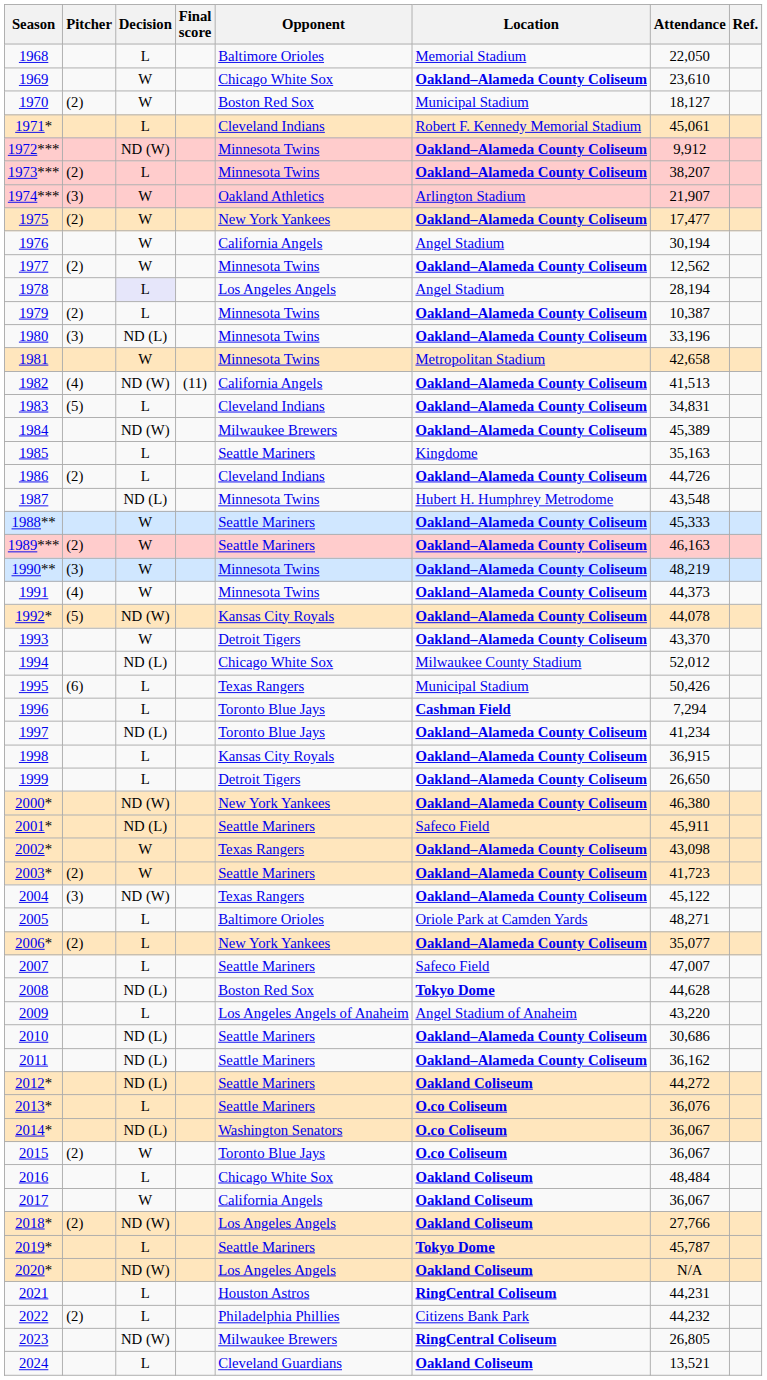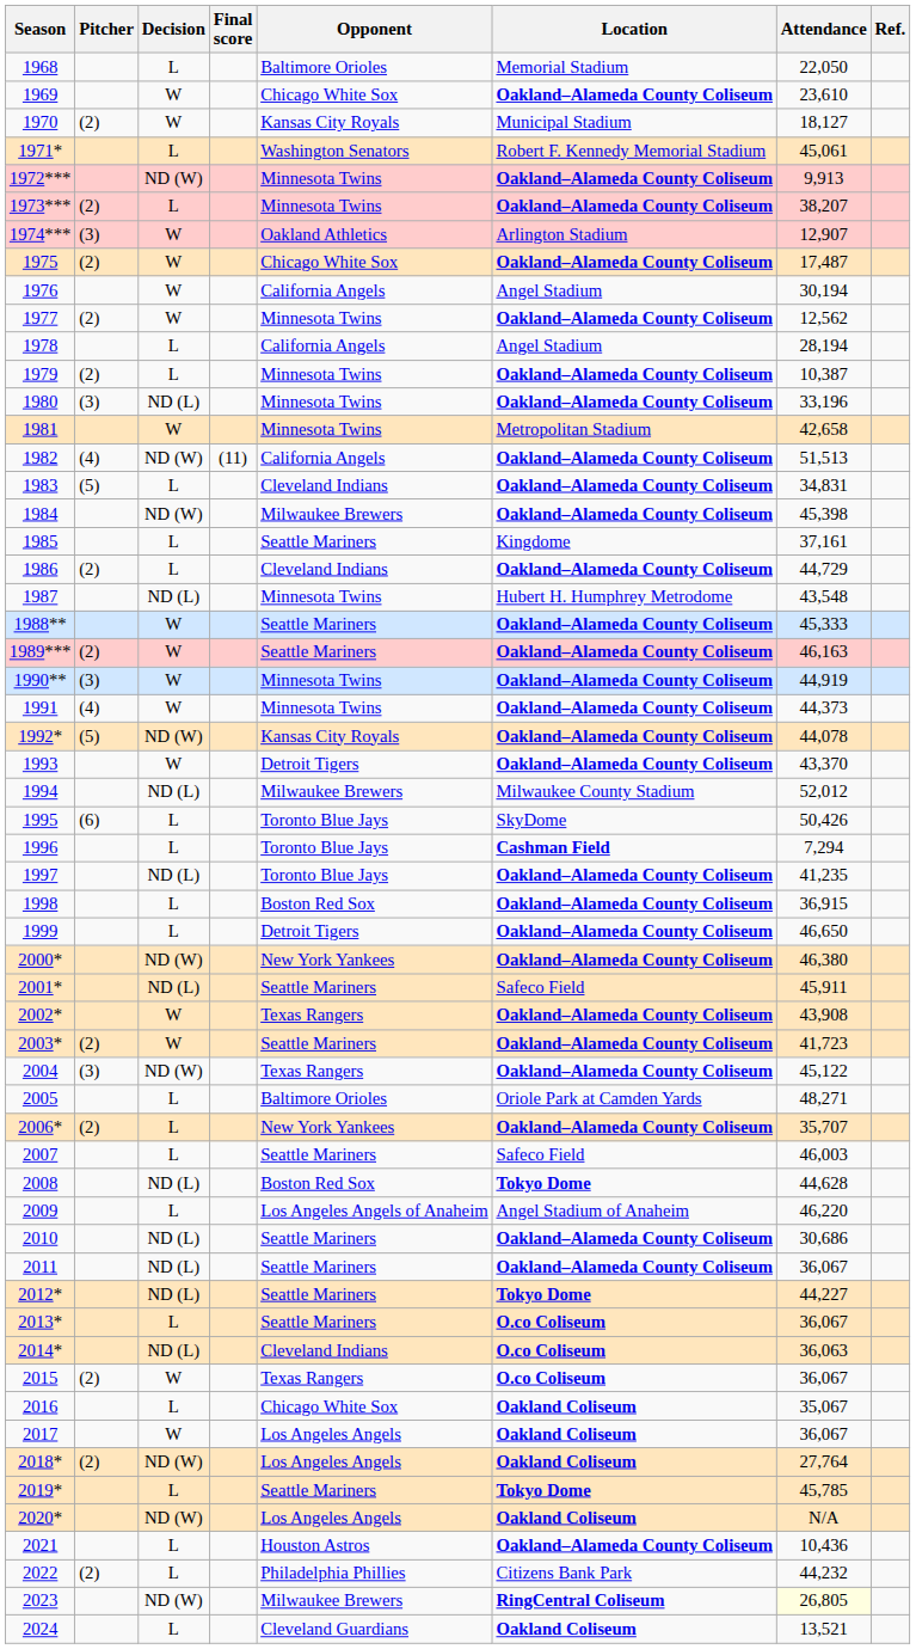 <table class="wikitable sortable">
 <tr>
 <th scope="col">Season</th>
 <th scope="col">Pitcher</th>
 <th scope="col">Decision</th>
 <th scope="col">Final<br>score</th>
 <th scope="col">Opponent</th>
 <th scope="col">Location</th>
 <th scope="col">Attendance</th>
 <th class="unsortable">Ref.</th>
 </tr>
 <tr>
 <td align=center><a href='#'>1968</a></td>
 <td></td>
 <td align=center>L</td>
 <td align=center></td>
 <td><a href='#'>Baltimore Orioles</a></td>
 <td><a href='#'>Memorial Stadium</a></td>
 <td align=center>22,050</td>
 <td align="center"></td>
 </tr>
 <tr>
 <td align=center><a href='#'>1969</a></td>
 <td></td>
 <td align=center>W</td>
 <td align=center></td>
 <td><a href='#'>Chicago White Sox</a></td>
 <td><strong><a href='#'>Oakland–Alameda County Coliseum</a></strong></td>
 <td align=center>23,610</td>
 <td align="center"></td>
 </tr>
 <tr>
 <td align=center><a href='#'>1970</a></td>
 <td> (2)</td>
 <td align=center>W</td>
 <td align=center></td>
-<td><a href='#'>Boston Red Sox</a></td>
+<td><a href='#'>Kansas City Royals</a></td>
 <td><a href='#'>Municipal Stadium</a></td>
 <td align=center>18,127</td>
 <td align="center"></td>
 </tr>
 <tr>
 <td style="background-color: #FFE6BD" align=center><a href='#'>1971</a>*</td>
 <td style="background-color: #FFE6BD"></td>
 <td style="background-color: #FFE6BD" align=center>L</td>
 <td style="background-color: #FFE6BD" align=center></td>
-<td style="background-color: #FFE6BD"><a href='#'>Cleveland Indians</a></td>
+<td style="background-color: #FFE6BD"><a href='#'>Washington Senators</a></td>
 <td style="background-color: #FFE6BD"><a href='#'>Robert F. Kennedy Memorial Stadium</a></td>
 <td style="background-color: #FFE6BD" align=center>45,061</td>
 <td style="background-color: #FFE6BD" align="center"></td>
 </tr>
 <tr>
 <td style="background-color: #FFCCCC" align=center><a href='#'>1972</a>***</td>
 <td style="background-color: #FFCCCC"></td>
 <td style="background-color: #FFCCCC" align=center>ND (W)</td>
 <td style="background-color: #FFCCCC" align=center></td>
 <td style="background-color: #FFCCCC"><a href='#'>Minnesota Twins</a></td>
 <td style="background-color: #FFCCCC"><strong><a href='#'>Oakland–Alameda County Coliseum</a></strong></td>
-<td style="background-color: #FFCCCC" align=center>9,912</td>
+<td style="background-color: #FFCCCC" align=center>9,913</td>
 <td style="background-color: #FFCCCC" align="center"></td>
 </tr>
 <tr>
 <td style="background-color: #FFCCCC" align=center><a href='#'>1973</a>***</td>
 <td style="background-color: #FFCCCC"> (2)</td>
 <td style="background-color: #FFCCCC" align=center>L</td>
 <td style="background-color: #FFCCCC" align=center></td>
 <td style="background-color: #FFCCCC"><a href='#'>Minnesota Twins</a></td>
 <td style="background-color: #FFCCCC"><strong><a href='#'>Oakland–Alameda County Coliseum</a></strong></td>
 <td style="background-color: #FFCCCC" align=center>38,207</td>
 <td style="background-color: #FFCCCC" align="center"></td>
 </tr>
 <tr>
 <td style="background-color: #FFCCCC" align=center><a href='#'>1974</a>***</td>
 <td style="background-color: #FFCCCC"> (3)</td>
 <td style="background-color: #FFCCCC" align=center>W</td>
 <td style="background-color: #FFCCCC" align=center></td>
 <td style="background-color: #FFCCCC"><a href='#'>Oakland Athletics</a></td>
 <td style="background-color: #FFCCCC"><a href='#'>Arlington Stadium</a></td>
-<td style="background-color: #FFCCCC" align=center>21,907</td>
+<td style="background-color: #FFCCCC" align=center>12,907</td>
 <td style="background-color: #FFCCCC" align="center"></td>
 </tr>
 <tr>
 <td style="background-color: #FFE6BD" align=center><a href='#'>1975</a></td>
 <td style="background-color: #FFE6BD"> (2)</td>
 <td style="background-color: #FFE6BD" align=center>W</td>
 <td style="background-color: #FFE6BD" align=center></td>
-<td style="background-color: #FFE6BD"><a href='#'>New York Yankees</a></td>
+<td style="background-color: #FFE6BD"><a href='#'>Chicago White Sox</a></td>
 <td style="background-color: #FFE6BD"><strong><a href='#'>Oakland–Alameda County Coliseum</a></strong></td>
-<td style="background-color: #FFE6BD" align=center>17,477</td>
+<td style="background-color: #FFE6BD" align=center>17,487</td>
 <td style="background-color: #FFE6BD" align="center"></td>
 </tr>
 <tr>
 <td align=center><a href='#'>1976</a></td>
 <td></td>
 <td align=center>W</td>
 <td align=center></td>
 <td><a href='#'>California Angels</a></td>
 <td><a href='#'>Angel Stadium</a></td>
 <td align=center>30,194</td>
 <td align="center"></td>
 </tr>
 <tr>
 <td align=center><a href='#'>1977</a></td>
 <td> (2)</td>
 <td align=center>W</td>
 <td align=center></td>
 <td><a href='#'>Minnesota Twins</a></td>
 <td><strong><a href='#'>Oakland–Alameda County Coliseum</a></strong></td>
 <td align=center>12,562</td>
 <td align="center"></td>
 </tr>
 <tr>
 <td align=center><a href='#'>1978</a></td>
 <td></td>
-<td align=center style="background: lavender;">L</td>
+<td align=center>L</td>
 <td align=center></td>
-<td><a href='#'>Los Angeles Angels</a></td>
+<td><a href='#'>California Angels</a></td>
 <td><a href='#'>Angel Stadium</a></td>
 <td align=center>28,194</td>
 <td align="center"></td>
 </tr>
 <tr>
 <td align=center><a href='#'>1979</a></td>
 <td> (2)</td>
 <td align=center>L</td>
 <td align=center></td>
 <td><a href='#'>Minnesota Twins</a></td>
 <td><strong><a href='#'>Oakland–Alameda County Coliseum</a></strong></td>
 <td align=center>10,387</td>
 <td align="center"></td>
 </tr>
 <tr>
 <td align=center><a href='#'>1980</a></td>
 <td> (3)</td>
 <td align=center>ND (L)</td>
 <td align=center></td>
 <td><a href='#'>Minnesota Twins</a></td>
 <td><strong><a href='#'>Oakland–Alameda County Coliseum</a></strong></td>
 <td align=center>33,196</td>
 <td align="center"></td>
 </tr>
 <tr>
 <td style="background-color: #FFE6BD" align=center><a href='#'>1981</a></td>
 <td style="background-color: #FFE6BD"></td>
 <td style="background-color: #FFE6BD" align=center>W</td>
 <td style="background-color: #FFE6BD" align=center></td>
 <td style="background-color: #FFE6BD"><a href='#'>Minnesota Twins</a></td>
 <td style="background-color: #FFE6BD"><a href='#'>Metropolitan Stadium</a></td>
 <td style="background-color: #FFE6BD" align=center>42,658</td>
 <td style="background-color: #FFE6BD" align="center"></td>
 </tr>
 <tr>
 <td align=center><a href='#'>1982</a></td>
 <td> (4)</td>
 <td align=center>ND (W)</td>
 <td align=center> (11)</td>
 <td><a href='#'>California Angels</a></td>
 <td><strong><a href='#'>Oakland–Alameda County Coliseum</a></strong></td>
-<td align=center>41,513</td>
+<td align=center>51,513</td>
 <td align="center"></td>
 </tr>
 <tr>
 <td align=center><a href='#'>1983</a></td>
 <td> (5)</td>
 <td align=center>L</td>
 <td align=center></td>
 <td><a href='#'>Cleveland Indians</a></td>
 <td><strong><a href='#'>Oakland–Alameda County Coliseum</a></strong></td>
 <td align=center>34,831</td>
 <td align="center"></td>
 </tr>
 <tr>
 <td align=center><a href='#'>1984</a></td>
 <td></td>
 <td align=center>ND (W)</td>
 <td align=center></td>
 <td><a href='#'>Milwaukee Brewers</a></td>
 <td><strong><a href='#'>Oakland–Alameda County Coliseum</a></strong></td>
-<td align=center>45,389</td>
+<td align=center>45,398</td>
 <td align="center"></td>
 </tr>
 <tr>
 <td align=center><a href='#'>1985</a></td>
 <td></td>
 <td align=center>L</td>
 <td align=center></td>
 <td><a href='#'>Seattle Mariners</a></td>
 <td><a href='#'>Kingdome</a></td>
-<td align=center>35,163</td>
+<td align=center>37,161</td>
 <td align="center"></td>
 </tr>
 <tr>
 <td align=center><a href='#'>1986</a></td>
 <td> (2)</td>
 <td align=center>L</td>
 <td align=center></td>
 <td><a href='#'>Cleveland Indians</a></td>
 <td><strong><a href='#'>Oakland–Alameda County Coliseum</a></strong></td>
-<td align=center>44,726</td>
+<td align=center>44,729</td>
 <td align="center"></td>
 </tr>
 <tr>
 <td align=center><a href='#'>1987</a></td>
 <td></td>
 <td align=center>ND (L)</td>
 <td align=center></td>
 <td><a href='#'>Minnesota Twins</a></td>
 <td><a href='#'>Hubert H. Humphrey Metrodome</a></td>
 <td align=center>43,548</td>
 <td align="center"></td>
 </tr>
 <tr>
 <td style="background-color: #D0E7FF" align=center><a href='#'>1988</a>**</td>
 <td style="background-color: #D0E7FF"></td>
 <td style="background-color: #D0E7FF" align=center>W</td>
 <td style="background-color: #D0E7FF" align=center></td>
 <td style="background-color: #D0E7FF"><a href='#'>Seattle Mariners</a></td>
 <td style="background-color: #D0E7FF"><strong><a href='#'>Oakland–Alameda County Coliseum</a></strong></td>
 <td style="background-color: #D0E7FF" align=center>45,333</td>
 <td style="background-color: #D0E7FF" align="center"></td>
 </tr>
 <tr>
 <td style="background-color: #FFCCCC" align=center><a href='#'>1989</a>***</td>
 <td style="background-color: #FFCCCC"> (2)</td>
 <td style="background-color: #FFCCCC" align=center>W</td>
 <td style="background-color: #FFCCCC" align=center></td>
 <td style="background-color: #FFCCCC"><a href='#'>Seattle Mariners</a></td>
 <td style="background-color: #FFCCCC"><strong><a href='#'>Oakland–Alameda County Coliseum</a></strong></td>
 <td style="background-color: #FFCCCC" align=center>46,163</td>
 <td style="background-color: #FFCCCC" align="center"></td>
 </tr>
 <tr>
 <td style="background-color: #D0E7FF" align=center><a href='#'>1990</a>**</td>
 <td style="background-color: #D0E7FF"> (3)</td>
 <td style="background-color: #D0E7FF" align=center>W</td>
 <td style="background-color: #D0E7FF" align=center></td>
 <td style="background-color: #D0E7FF"><a href='#'>Minnesota Twins</a></td>
 <td style="background-color: #D0E7FF"><strong><a href='#'>Oakland–Alameda County Coliseum</a></strong></td>
-<td style="background-color: #D0E7FF" align=center>48,219</td>
+<td style="background-color: #D0E7FF" align=center>44,919</td>
 <td style="background-color: #D0E7FF" align="center"></td>
 </tr>
 <tr>
 <td align=center><a href='#'>1991</a></td>
 <td> (4)</td>
 <td align=center>W</td>
 <td align=center></td>
 <td><a href='#'>Minnesota Twins</a></td>
 <td><strong><a href='#'>Oakland–Alameda County Coliseum</a></strong></td>
 <td align=center>44,373</td>
 <td align="center"></td>
 </tr>
 <tr>
 <td style="background-color: #FFE6BD" align=center><a href='#'>1992</a>*</td>
 <td style="background-color: #FFE6BD"> (5)</td>
 <td style="background-color: #FFE6BD" align=center>ND (W)</td>
 <td style="background-color: #FFE6BD" align=center></td>
 <td style="background-color: #FFE6BD"><a href='#'>Kansas City Royals</a></td>
 <td style="background-color: #FFE6BD"><strong><a href='#'>Oakland–Alameda County Coliseum</a></strong></td>
 <td style="background-color: #FFE6BD" align=center>44,078</td>
 <td style="background-color: #FFE6BD" align="center"></td>
 </tr>
 <tr>
 <td align=center><a href='#'>1993</a></td>
 <td></td>
 <td align=center>W</td>
 <td align=center></td>
 <td><a href='#'>Detroit Tigers</a></td>
 <td><strong><a href='#'>Oakland–Alameda County Coliseum</a></strong></td>
 <td align=center>43,370</td>
 <td align="center"></td>
 </tr>
 <tr>
 <td align=center><a href='#'>1994</a></td>
 <td></td>
 <td align=center>ND (L)</td>
 <td align=center></td>
-<td><a href='#'>Chicago White Sox</a></td>
+<td><a href='#'>Milwaukee Brewers</a></td>
 <td><a href='#'>Milwaukee County Stadium</a></td>
 <td align=center>52,012</td>
 <td align="center"></td>
 </tr>
 <tr>
 <td align=center><a href='#'>1995</a></td>
 <td> (6)</td>
 <td align=center>L</td>
 <td align=center></td>
-<td><a href='#'>Texas Rangers</a></td>
-<td><a href='#'>Municipal Stadium</a></td>
+<td><a href='#'>Toronto Blue Jays</a></td>
+<td><a href='#'>SkyDome</a></td>
 <td align=center>50,426</td>
 <td align="center"></td>
 </tr>
 <tr>
 <td align=center><a href='#'>1996</a></td>
 <td></td>
 <td align=center>L</td>
 <td align=center></td>
 <td><a href='#'>Toronto Blue Jays</a></td>
 <td><strong><a href='#'>Cashman Field</a></strong></td>
 <td align=center>7,294</td>
 <td align="center"></td>
 </tr>
 <tr>
 <td align=center><a href='#'>1997</a></td>
 <td></td>
 <td align=center>ND (L)</td>
 <td align=center></td>
 <td><a href='#'>Toronto Blue Jays</a></td>
 <td><strong><a href='#'>Oakland–Alameda County Coliseum</a></strong></td>
-<td align=center>41,234</td>
+<td align=center>41,235</td>
 <td align="center"></td>
 </tr>
 <tr>
 <td align=center><a href='#'>1998</a></td>
 <td></td>
 <td align=center>L</td>
 <td align=center></td>
-<td><a href='#'>Kansas City Royals</a></td>
+<td><a href='#'>Boston Red Sox</a></td>
 <td><strong><a href='#'>Oakland–Alameda County Coliseum</a></strong></td>
 <td align=center>36,915</td>
 <td align="center"></td>
 </tr>
 <tr>
 <td align=center><a href='#'>1999</a></td>
 <td></td>
 <td align=center>L</td>
 <td align=center></td>
 <td><a href='#'>Detroit Tigers</a></td>
 <td><strong><a href='#'>Oakland–Alameda County Coliseum</a></strong></td>
-<td align=center>26,650</td>
+<td align=center>46,650</td>
 <td align="center"></td>
 </tr>
 <tr>
 <td style="background-color: #FFE6BD" align=center><a href='#'>2000</a>*</td>
 <td style="background-color: #FFE6BD"></td>
 <td style="background-color: #FFE6BD" align=center>ND (W)</td>
 <td style="background-color: #FFE6BD" align=center></td>
 <td style="background-color: #FFE6BD"><a href='#'>New York Yankees</a></td>
 <td style="background-color: #FFE6BD"><strong><a href='#'>Oakland–Alameda County Coliseum</a></strong></td>
 <td style="background-color: #FFE6BD" align=center>46,380</td>
 <td style="background-color: #FFE6BD" align="center"></td>
 </tr>
 <tr>
 <td style="background-color: #FFE6BD" align=center><a href='#'>2001</a>*</td>
 <td style="background-color: #FFE6BD"></td>
 <td style="background-color: #FFE6BD" align=center>ND (L)</td>
 <td style="background-color: #FFE6BD" align=center></td>
 <td style="background-color: #FFE6BD"><a href='#'>Seattle Mariners</a></td>
 <td style="background-color: #FFE6BD"><a href='#'>Safeco Field</a></td>
 <td style="background-color: #FFE6BD" align=center>45,911</td>
 <td style="background-color: #FFE6BD" align="center"></td>
 </tr>
 <tr>
 <td style="background-color: #FFE6BD" align=center><a href='#'>2002</a>*</td>
 <td style="background-color: #FFE6BD"></td>
 <td style="background-color: #FFE6BD" align=center>W</td>
 <td style="background-color: #FFE6BD" align=center></td>
 <td style="background-color: #FFE6BD"><a href='#'>Texas Rangers</a></td>
 <td style="background-color: #FFE6BD"><strong><a href='#'>Oakland–Alameda County Coliseum</a></strong></td>
-<td style="background-color: #FFE6BD" align=center>43,098</td>
+<td style="background-color: #FFE6BD" align=center>43,908</td>
 <td style="background-color: #FFE6BD" align="center"></td>
 </tr>
 <tr>
 <td style="background-color: #FFE6BD" align=center><a href='#'>2003</a>*</td>
 <td style="background-color: #FFE6BD"> (2)</td>
 <td style="background-color: #FFE6BD" align=center>W</td>
 <td style="background-color: #FFE6BD" align=center></td>
 <td style="background-color: #FFE6BD"><a href='#'>Seattle Mariners</a></td>
 <td style="background-color: #FFE6BD"><strong><a href='#'>Oakland–Alameda County Coliseum</a></strong></td>
 <td style="background-color: #FFE6BD" align=center>41,723</td>
 <td style="background-color: #FFE6BD" align="center"></td>
 </tr>
 <tr>
 <td align=center><a href='#'>2004</a></td>
 <td> (3)</td>
 <td align=center>ND (W)</td>
 <td align=center></td>
 <td><a href='#'>Texas Rangers</a></td>
 <td><strong><a href='#'>Oakland–Alameda County Coliseum</a></strong></td>
 <td align=center>45,122</td>
 <td align="center"></td>
 </tr>
 <tr>
 <td align=center><a href='#'>2005</a></td>
 <td></td>
 <td align=center>L</td>
 <td align=center></td>
 <td><a href='#'>Baltimore Orioles</a></td>
 <td><a href='#'>Oriole Park at Camden Yards</a></td>
 <td align=center>48,271</td>
 <td align="center"></td>
 </tr>
 <tr>
 <td style="background-color: #FFE6BD" align=center><a href='#'>2006</a>*</td>
 <td style="background-color: #FFE6BD"> (2)</td>
 <td style="background-color: #FFE6BD" align=center>L</td>
 <td style="background-color: #FFE6BD" align=center></td>
 <td style="background-color: #FFE6BD"><a href='#'>New York Yankees</a></td>
 <td style="background-color: #FFE6BD"><strong><a href='#'>Oakland–Alameda County Coliseum</a></strong></td>
-<td style="background-color: #FFE6BD" align=center>35,077</td>
+<td style="background-color: #FFE6BD" align=center>35,707</td>
 <td style="background-color: #FFE6BD" align="center"></td>
 </tr>
 <tr>
 <td align=center><a href='#'>2007</a></td>
 <td></td>
 <td align=center>L</td>
 <td align=center></td>
 <td><a href='#'>Seattle Mariners</a></td>
 <td><a href='#'>Safeco Field</a></td>
-<td align=center>47,007</td>
+<td align=center>46,003</td>
 <td align="center"></td>
 </tr>
 <tr>
 <td align=center><a href='#'>2008</a></td>
 <td></td>
 <td align=center>ND (L)</td>
 <td align=center></td>
 <td><a href='#'>Boston Red Sox</a></td>
 <td><strong><a href='#'>Tokyo Dome</a></strong></td>
 <td align=center>44,628</td>
 <td align="center"></td>
 </tr>
 <tr>
 <td align=center><a href='#'>2009</a></td>
 <td></td>
 <td align=center>L</td>
 <td align=center></td>
 <td><a href='#'>Los Angeles Angels of Anaheim</a></td>
 <td><a href='#'>Angel Stadium of Anaheim</a></td>
-<td align=center>43,220</td>
+<td align=center>46,220</td>
 <td align="center"></td>
 </tr>
 <tr>
 <td align=center><a href='#'>2010</a></td>
 <td></td>
 <td align=center>ND (L)</td>
 <td align=center></td>
 <td><a href='#'>Seattle Mariners</a></td>
 <td><strong><a href='#'>Oakland–Alameda County Coliseum</a></strong></td>
 <td align=center>30,686</td>
 <td align="center"></td>
 </tr>
 <tr>
 <td align=center><a href='#'>2011</a></td>
 <td></td>
 <td align=center>ND (L)</td>
 <td align=center></td>
 <td><a href='#'>Seattle Mariners</a></td>
 <td><strong><a href='#'>Oakland–Alameda County Coliseum</a></strong></td>
-<td align=center>36,162</td>
+<td align=center>36,067</td>
 <td align="center"></td>
 </tr>
 <tr>
 <td style="background-color: #FFE6BD" align=center><a href='#'>2012</a>*</td>
 <td style="background-color: #FFE6BD"></td>
 <td style="background-color: #FFE6BD" align=center>ND (L)</td>
 <td style="background-color: #FFE6BD" align=center></td>
 <td style="background-color: #FFE6BD"><a href='#'>Seattle Mariners</a></td>
-<td style="background-color: #FFE6BD"><strong><a href='#'>Oakland Coliseum</a></strong></td>
-<td style="background-color: #FFE6BD" align=center>44,272</td>
+<td style="background-color: #FFE6BD"><strong><a href='#'>Tokyo Dome</a></strong></td>
+<td style="background-color: #FFE6BD" align=center>44,227</td>
 <td style="background-color: #FFE6BD" align="center"></td>
 </tr>
 <tr>
 <td style="background-color: #FFE6BD" align=center><a href='#'>2013</a>*</td>
 <td style="background-color: #FFE6BD"></td>
 <td style="background-color: #FFE6BD" align=center>L</td>
 <td style="background-color: #FFE6BD" align=center></td>
 <td style="background-color: #FFE6BD"><a href='#'>Seattle Mariners</a></td>
 <td style="background-color: #FFE6BD"><strong><a href='#'>O.co Coliseum</a></strong></td>
-<td style="background-color: #FFE6BD" align=center>36,076</td>
+<td style="background-color: #FFE6BD" align=center>36,067</td>
 <td style="background-color: #FFE6BD" align="center"></td>
 </tr>
 <tr>
 <td style="background-color: #FFE6BD" align=center><a href='#'>2014</a>*</td>
 <td style="background-color: #FFE6BD"></td>
 <td style="background-color: #FFE6BD" align=center>ND (L)</td>
 <td style="background-color: #FFE6BD" align=center></td>
-<td style="background-color: #FFE6BD"><a href='#'>Washington Senators</a></td>
+<td style="background-color: #FFE6BD"><a href='#'>Cleveland Indians</a></td>
 <td style="background-color: #FFE6BD"><strong><a href='#'>O.co Coliseum</a></strong></td>
-<td style="background-color: #FFE6BD" align=center>36,067</td>
+<td style="background-color: #FFE6BD" align=center>36,063</td>
 <td style="background-color: #FFE6BD" align="center"></td>
 </tr>
 <tr>
 <td align=center><a href='#'>2015</a></td>
 <td> (2)</td>
 <td align=center>W</td>
 <td align=center></td>
-<td><a href='#'>Toronto Blue Jays</a></td>
+<td><a href='#'>Texas Rangers</a></td>
 <td><strong><a href='#'>O.co Coliseum</a></strong></td>
 <td align=center>36,067</td>
 <td align="center"></td>
 </tr>
 <tr>
 <td align=center><a href='#'>2016</a></td>
 <td></td>
 <td align=center>L</td>
 <td align=center></td>
 <td><a href='#'>Chicago White Sox</a></td>
 <td><strong><a href='#'>Oakland Coliseum</a></strong></td>
-<td align=center>48,484</td>
+<td align=center>35,067</td>
 <td align="center"></td>
 </tr>
 <tr>
 <td align=center><a href='#'>2017</a></td>
 <td></td>
 <td align=center>W</td>
 <td align=center></td>
-<td><a href='#'>California Angels</a></td>
+<td><a href='#'>Los Angeles Angels</a></td>
 <td><strong><a href='#'>Oakland Coliseum</a></strong></td>
 <td align=center>36,067</td>
 <td align="center"></td>
 </tr>
 <tr>
 <td style="background-color: #FFE6BD"  align=center><a href='#'>2018</a>*</td>
 <td style="background-color: #FFE6BD"> (2)</td>
 <td style="background-color: #FFE6BD" align=center>ND (W)</td>
 <td style="background-color: #FFE6BD" align=center></td>
 <td style="background-color: #FFE6BD"><a href='#'>Los Angeles Angels</a></td>
 <td style="background-color: #FFE6BD"><strong><a href='#'>Oakland Coliseum</a></strong></td>
-<td style="background-color: #FFE6BD" align=center>27,766</td>
+<td style="background-color: #FFE6BD" align=center>27,764</td>
 <td style="background-color: #FFE6BD" align="center"></td>
 </tr>
 <tr>
 <td style="background-color: #FFE6BD" align=center><a href='#'>2019</a>*</td>
 <td style="background-color: #FFE6BD"></td>
 <td style="background-color: #FFE6BD" align=center>L</td>
 <td style="background-color: #FFE6BD" align=center></td>
 <td style="background-color: #FFE6BD"><a href='#'>Seattle Mariners</a></td>
 <td style="background-color: #FFE6BD"><strong><a href='#'>Tokyo Dome</a></strong></td>
-<td style="background-color: #FFE6BD" align=center>45,787</td>
+<td style="background-color: #FFE6BD" align=center>45,785</td>
 <td style="background-color: #FFE6BD" align="center"></td>
 </tr>
 <tr>
 <td style="background-color: #FFE6BD" align=center><a href='#'>2020</a>*</td>
 <td style="background-color: #FFE6BD"></td>
 <td style="background-color: #FFE6BD" align=center>ND (W)</td>
 <td style="background-color: #FFE6BD" align=center></td>
 <td style="background-color: #FFE6BD"><a href='#'>Los Angeles Angels</a></td>
 <td style="background-color: #FFE6BD"><strong><a href='#'>Oakland Coliseum</a></strong></td>
 <td style="background-color: #FFE6BD" align=center>N/A</td>
 <td style="background-color: #FFE6BD" align=center></td>
 </tr>
 <tr>
 <td align=center><a href='#'>2021</a></td>
 <td></td>
 <td align=center>L</td>
 <td align=center></td>
 <td><a href='#'>Houston Astros</a></td>
-<td><strong><a href='#'>RingCentral Coliseum</a></strong></td>
-<td align=center>44,231</td>
+<td><strong><a href='#'>Oakland–Alameda County Coliseum</a></strong></td>
+<td align=center>10,436</td>
 <td align=center></td>
 </tr>
 <tr>
 <td align=center><a href='#'>2022</a></td>
 <td> (2)</td>
 <td align=center>L</td>
 <td align=center></td>
 <td><a href='#'>Philadelphia Phillies</a></td>
 <td><a href='#'>Citizens Bank Park</a></td>
 <td align=center>44,232</td>
 <td align=center></td>
 </tr>
 <tr>
 <td align=center><a href='#'>2023</a></td>
 <td></td>
 <td align=center>ND (W)</td>
 <td align=center></td>
 <td><a href='#'>Milwaukee Brewers</a></td>
 <td><strong><a href='#'>RingCentral Coliseum</a></strong></td>
-<td align=center>26,805</td>
+<td align=center style="background: lightyellow;">26,805</td>
 <td align=center></td>
 </tr>
 <tr>
 <td align=center><a href='#'>2024</a></td>
 <td></td>
 <td align=center>L</td>
 <td align=center></td>
 <td><a href='#'>Cleveland Guardians</a></td>
 <td><strong><a href='#'>Oakland Coliseum</a></strong></td>
 <td align=center>13,521</td>
 <td align=center></td>
 </tr>
 </table>
